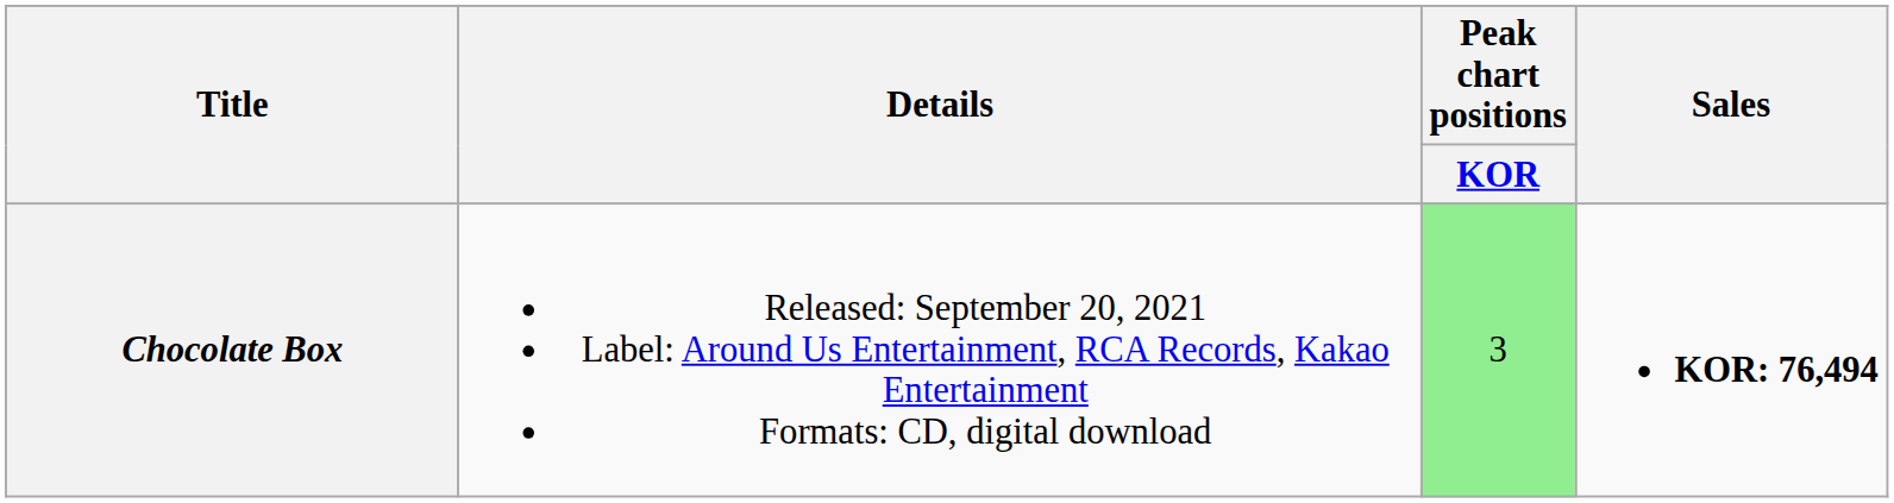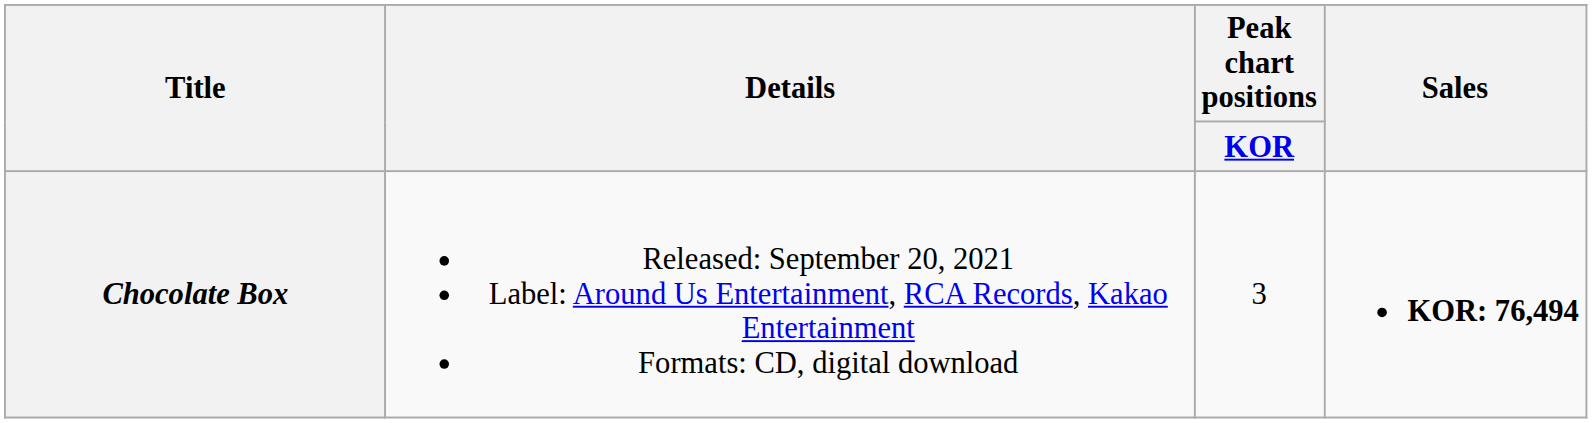 <table class="wikitable plainrowheaders" style="text-align:center;">
 <tr>
 <th rowspan="2" style="width:12em;">Title</th>
 <th rowspan="2" style="width:26em;">Details</th>
 <th>Peak chart positions</th>
 <th rowspan="2">Sales <br></th>
 </tr>
 <tr>
 <th width="30"><a href='#'>KOR</a><br></th>
 </tr>
 <tr>
 <th scope="row"><em>Chocolate Box</em></th>
 <td><br><ul><li>Released: September 20, 2021</li><li>Label: <a href='#'>Around Us Entertainment</a>, <a href='#'>RCA Records</a>, <a href='#'>Kakao Entertainment</a></li><li>Formats: CD, digital download</li></ul></td>
-<td style="background: lightgreen;">3</td>
+<td>3</td>
 <td><strong><br><ul><li>KOR: 76,494</li></ul></strong></td>
 </tr>
 </table>
